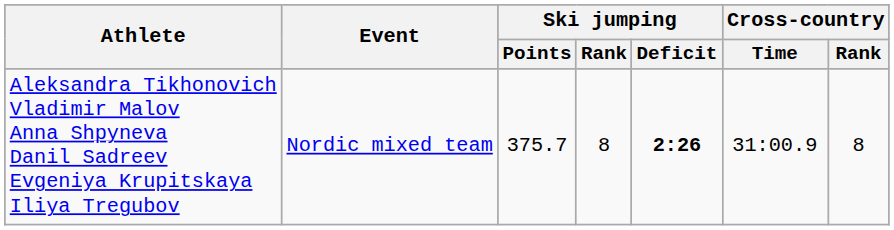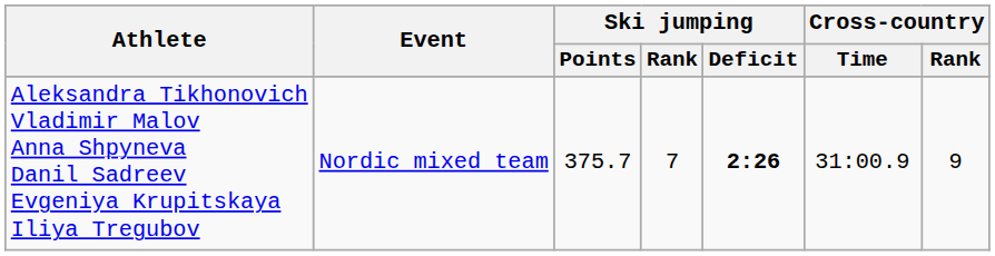 <table class="wikitable" style="font-size:90%; text-align:center;">
 <tr>
 <th rowspan=2>Athlete</th>
 <th rowspan=2>Event</th>
 <th colspan=3>Ski jumping</th>
 <th colspan=2>Cross-country</th>
 </tr>
 <tr style="font-size:95%">
 <th>Points</th>
 <th>Rank</th>
 <th>Deficit</th>
 <th>Time</th>
 <th>Rank</th>
 </tr>
 <tr>
 <td align=left><a href='#'>Aleksandra Tikhonovich</a><br><a href='#'>Vladimir Malov</a><br><a href='#'>Anna Shpyneva</a><br><a href='#'>Danil Sadreev</a><br><a href='#'>Evgeniya Krupitskaya</a><br><a href='#'>Iliya Tregubov</a></td>
 <td align=left><a href='#'>Nordic mixed team</a></td>
 <td>375.7</td>
-<td>8</td>
+<td>7</td>
 <td><strong>2:26</strong></td>
 <td>31:00.9</td>
-<td>8</td>
+<td>9</td>
 </tr>
 </table>
